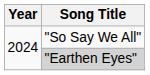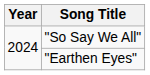 <table class=wikitable>
 <tr>
 <th>Year</th>
 <th>Song Title</th>
 </tr>
 <tr>
 <td rowspan="2">2024</td>
 <td>"So Say We All"</td>
 </tr>
 <tr>
-<td style="background: lightgrey;">"Earthen Eyes"</td>
+<td>"Earthen Eyes"</td>
 </tr>
 </table>
